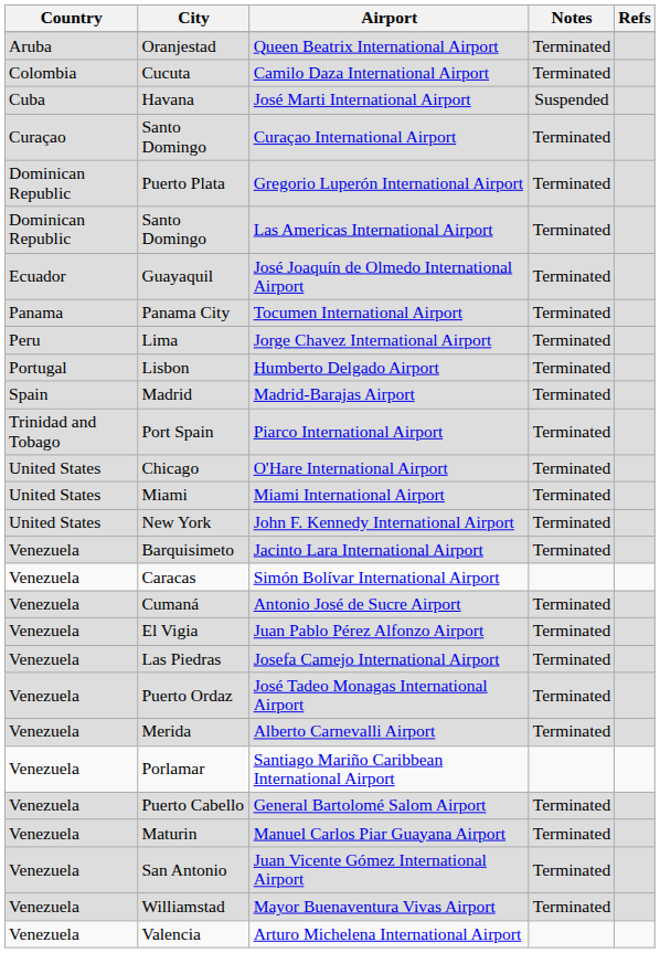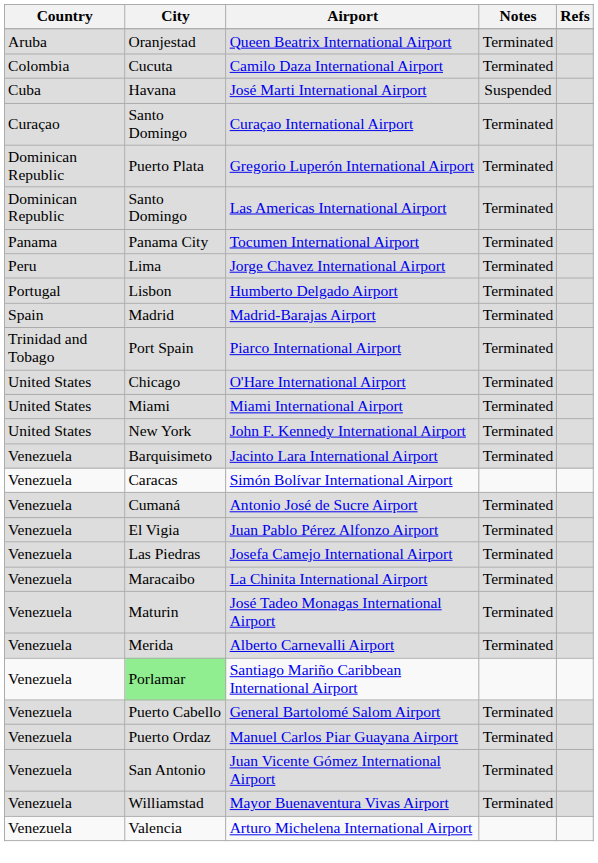 <table class="sortable wikitable">
 <tr>
 <th>Country</th>
 <th>City</th>
 <th>Airport</th>
 <th>Notes</th>
 <th class="unsortable">Refs</th>
 </tr>
 <tr>
 </tr>
 <tr style="background:#ddd">
 <td>Aruba</td>
 <td>Oranjestad</td>
 <td><a href='#'>Queen Beatrix International Airport</a></td>
 <td align=center>Terminated</td>
 <td></td>
 </tr>
 <tr style="background:#ddd">
 <td>Colombia</td>
 <td>Cucuta</td>
 <td><a href='#'>Camilo Daza International Airport</a></td>
 <td align=center>Terminated</td>
 <td></td>
 </tr>
 <tr style="background:#ddd">
 <td>Cuba</td>
 <td>Havana</td>
 <td><a href='#'>José Marti International Airport</a></td>
 <td align=center>Suspended</td>
 <td></td>
 </tr>
 <tr style="background:#ddd">
 <td>Curaçao</td>
 <td>Santo Domingo</td>
 <td><a href='#'>Curaçao International Airport</a></td>
 <td align=center>Terminated</td>
 <td></td>
 </tr>
 <tr style="background:#ddd">
 <td>Dominican Republic</td>
 <td>Puerto Plata</td>
 <td><a href='#'>Gregorio Luperón International Airport</a></td>
 <td align=center>Terminated</td>
 <td></td>
 </tr>
 <tr style="background:#ddd">
 <td>Dominican Republic</td>
 <td>Santo Domingo</td>
 <td><a href='#'>Las Americas International Airport</a></td>
-<td align=center>Terminated</td>
-<td></td>
-</tr>
-<tr style="background:#ddd">
-<td>Ecuador</td>
-<td>Guayaquil</td>
-<td><a href='#'>José Joaquín de Olmedo International Airport </a></td>
 <td align=center>Terminated</td>
 <td></td>
 </tr>
 <tr style="background:#ddd">
 <td>Panama</td>
 <td>Panama City</td>
 <td><a href='#'>Tocumen International Airport</a></td>
 <td align=center>Terminated</td>
 <td></td>
 </tr>
 <tr style="background:#ddd">
 <td>Peru</td>
 <td>Lima</td>
 <td><a href='#'>Jorge Chavez International Airport</a></td>
 <td align=center>Terminated</td>
 <td></td>
 </tr>
 <tr style="background:#ddd">
 <td>Portugal</td>
 <td>Lisbon</td>
 <td><a href='#'>Humberto Delgado Airport</a></td>
 <td align=center>Terminated</td>
 <td></td>
 </tr>
 <tr style="background:#ddd">
 <td>Spain</td>
 <td>Madrid</td>
 <td><a href='#'>Madrid-Barajas Airport</a></td>
 <td align=center>Terminated</td>
 <td></td>
 </tr>
 <tr style="background:#ddd">
 <td>Trinidad and Tobago</td>
 <td>Port Spain</td>
 <td><a href='#'>Piarco International Airport</a></td>
 <td align=center>Terminated</td>
 <td></td>
 </tr>
 <tr style="background:#ddd">
 <td>United States</td>
 <td>Chicago</td>
 <td><a href='#'>O'Hare International Airport</a></td>
 <td align=center>Terminated</td>
 <td></td>
 </tr>
 <tr style="background:#ddd">
 <td>United States</td>
 <td>Miami</td>
 <td><a href='#'>Miami International Airport</a></td>
 <td align=center>Terminated</td>
 <td></td>
 </tr>
 <tr style="background:#ddd">
 <td>United States</td>
 <td>New York</td>
 <td><a href='#'>John F. Kennedy International Airport</a></td>
 <td align=center>Terminated</td>
 <td></td>
 </tr>
 <tr style="background:#ddd">
 <td>Venezuela</td>
 <td>Barquisimeto</td>
 <td><a href='#'>Jacinto Lara International Airport</a></td>
 <td align=center>Terminated</td>
 <td></td>
 </tr>
 <tr>
 <td>Venezuela</td>
 <td>Caracas</td>
 <td><a href='#'>Simón Bolívar International Airport</a></td>
 <td></td>
 <td></td>
 </tr>
 <tr style="background:#ddd">
 <td>Venezuela</td>
 <td>Cumaná</td>
 <td><a href='#'>Antonio José de Sucre Airport</a></td>
 <td align=center>Terminated</td>
 <td></td>
 </tr>
 <tr style="background:#ddd">
 <td>Venezuela</td>
 <td>El Vigia</td>
 <td><a href='#'>Juan Pablo Pérez Alfonzo Airport</a></td>
 <td align=center>Terminated</td>
 <td></td>
 </tr>
 <tr style="background:#ddd">
 <td>Venezuela</td>
 <td>Las Piedras</td>
 <td><a href='#'>Josefa Camejo International Airport</a></td>
 <td align=center>Terminated</td>
 <td></td>
 </tr>
 <tr style="background:#ddd">
 <td>Venezuela</td>
-<td>Puerto Ordaz</td>
+<td>Maracaibo</td>
+<td><a href='#'>La Chinita International Airport</a></td>
+<td align=center>Terminated</td>
+<td></td>
+</tr>
+<tr style="background:#ddd">
+<td>Venezuela</td>
+<td>Maturin</td>
 <td><a href='#'>José Tadeo Monagas International Airport</a></td>
 <td align=center>Terminated</td>
 <td></td>
 </tr>
 <tr style="background:#ddd">
 <td>Venezuela</td>
 <td>Merida</td>
 <td><a href='#'>Alberto Carnevalli Airport</a></td>
 <td align=center>Terminated</td>
 <td></td>
 </tr>
 <tr>
 <td>Venezuela</td>
-<td>Porlamar</td>
+<td style="background: lightgreen;">Porlamar</td>
 <td><a href='#'>Santiago Mariño Caribbean International Airport</a></td>
 <td align=center></td>
 <td></td>
 </tr>
 <tr style="background:#ddd">
 <td>Venezuela</td>
 <td>Puerto Cabello</td>
 <td><a href='#'>General Bartolomé Salom Airport</a></td>
 <td align=center>Terminated</td>
 <td></td>
 </tr>
 <tr style="background:#ddd">
 <td>Venezuela</td>
-<td>Maturin</td>
+<td>Puerto Ordaz</td>
 <td><a href='#'>Manuel Carlos Piar Guayana Airport</a></td>
 <td align=center>Terminated</td>
 <td></td>
 </tr>
 <tr style="background:#ddd">
 <td>Venezuela</td>
 <td>San Antonio</td>
 <td><a href='#'>Juan Vicente Gómez International Airport</a></td>
 <td align=center>Terminated</td>
 <td></td>
 </tr>
 <tr style="background:#ddd">
 <td>Venezuela</td>
 <td>Williamstad</td>
 <td><a href='#'>Mayor Buenaventura Vivas Airport</a></td>
 <td align=center>Terminated</td>
 <td></td>
 </tr>
 <tr>
 <td>Venezuela</td>
 <td>Valencia</td>
 <td><a href='#'>Arturo Michelena International Airport</a></td>
 <td align=center></td>
 <td></td>
 </tr>
 </table>
